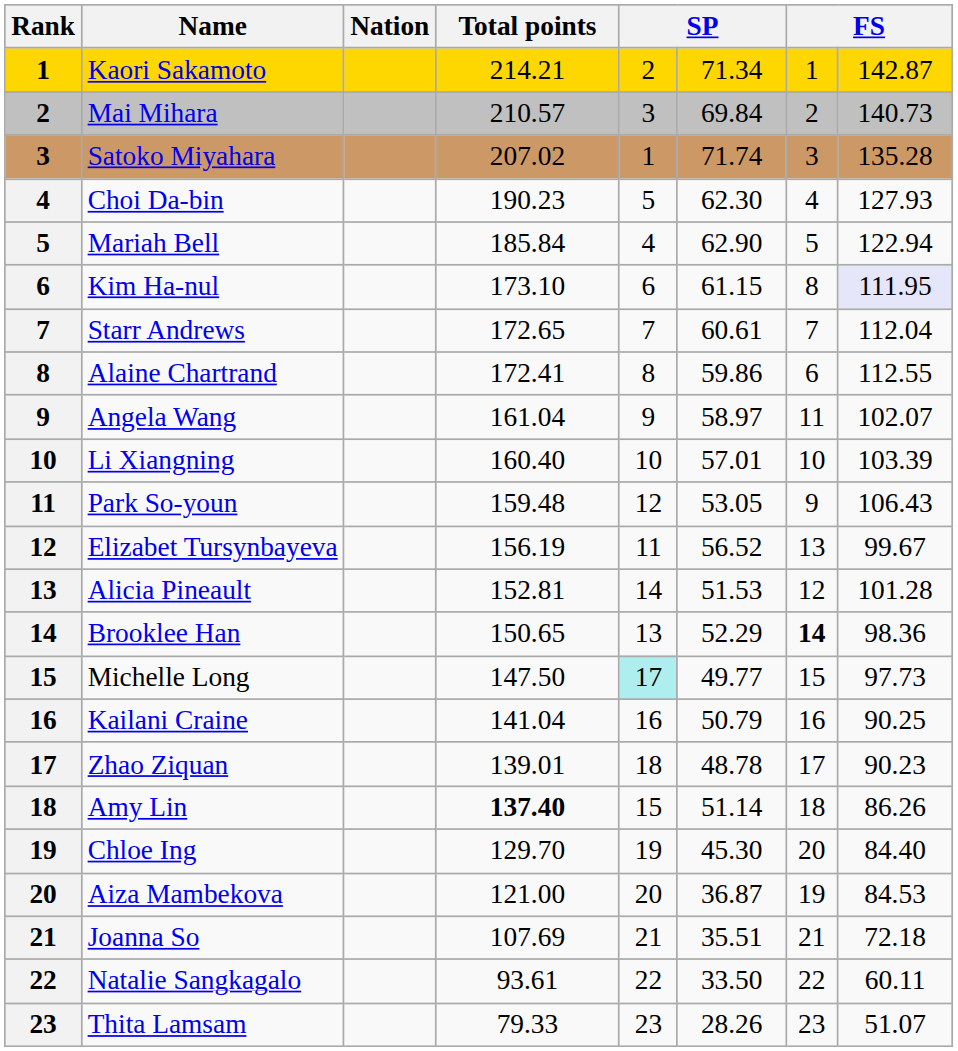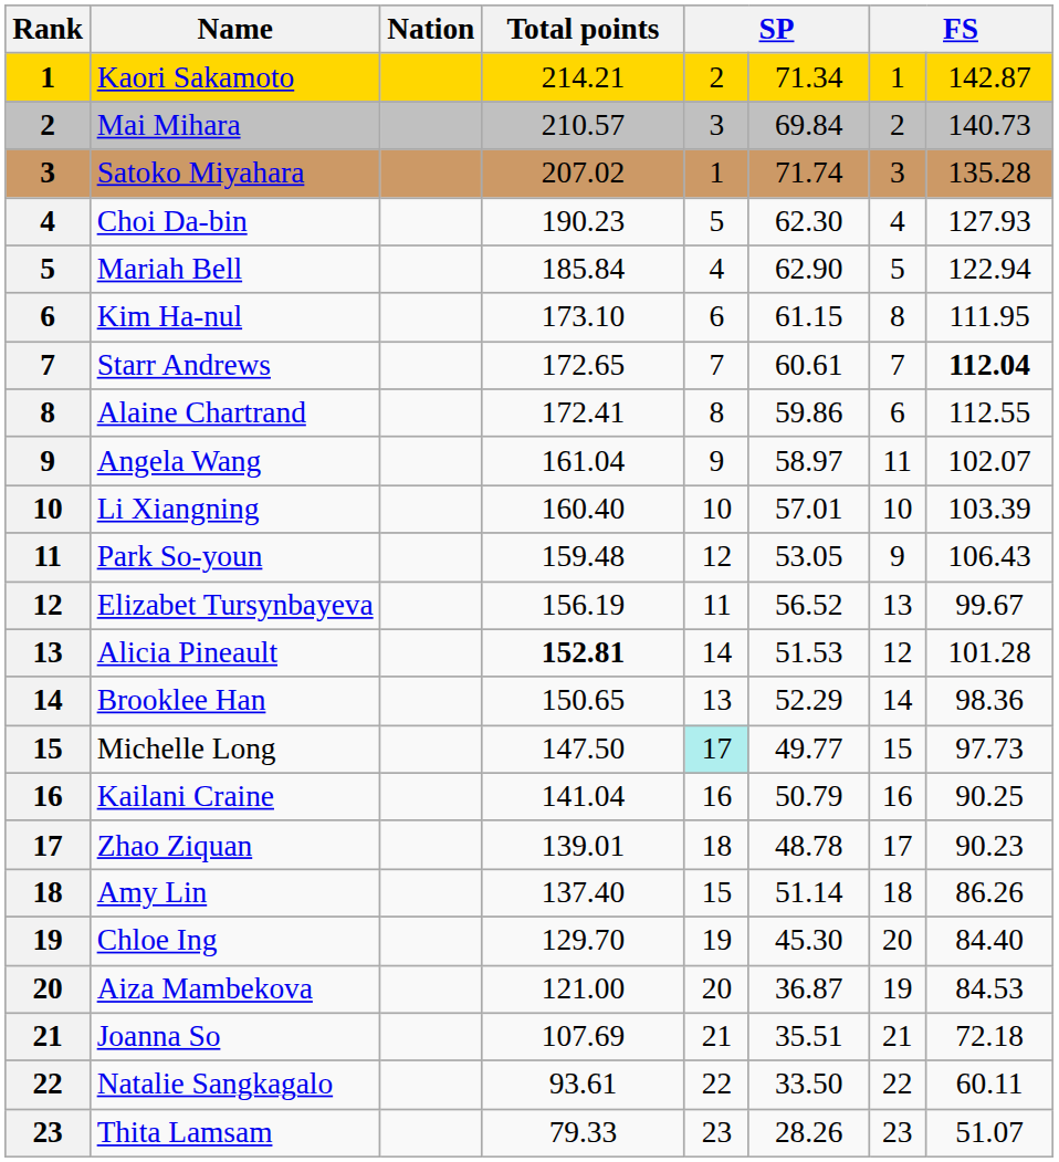 <table class="wikitable sortable">
 <tr>
 <th>Rank</th>
 <th>Name</th>
 <th>Nation</th>
 <th width="100px">Total points</th>
 <th colspan="2" width="90px"><a href='#'>SP</a></th>
 <th colspan="2" width="90px"><a href='#'>FS</a></th>
 </tr>
 <tr bgcolor="gold">
 <td align="center" bgcolor="gold"><strong>1</strong></td>
 <td><a href='#'>Kaori Sakamoto</a></td>
 <td></td>
 <td align="center">214.21</td>
 <td align="center">2</td>
 <td align="center">71.34</td>
 <td align="center">1</td>
 <td align="center">142.87</td>
 </tr>
 <tr bgcolor="silver">
 <td align="center" bgcolor="silver"><strong>2</strong></td>
 <td><a href='#'>Mai Mihara</a></td>
 <td></td>
 <td align="center">210.57</td>
 <td align="center">3</td>
 <td align="center">69.84</td>
 <td align="center">2</td>
 <td align="center">140.73</td>
 </tr>
 <tr bgcolor="#cc9966">
 <td align="center" bgcolor="#cc9966"><strong>3</strong></td>
 <td><a href='#'>Satoko Miyahara</a></td>
 <td></td>
 <td align="center">207.02</td>
 <td align="center">1</td>
 <td align="center">71.74</td>
 <td align="center">3</td>
 <td align="center">135.28</td>
 </tr>
 <tr>
 <th>4</th>
 <td><a href='#'>Choi Da-bin</a></td>
 <td></td>
 <td align="center">190.23</td>
 <td align="center">5</td>
 <td align="center">62.30</td>
 <td align="center">4</td>
 <td align="center">127.93</td>
 </tr>
 <tr>
 <th>5</th>
 <td><a href='#'>Mariah Bell</a></td>
 <td></td>
 <td align="center">185.84</td>
 <td align="center">4</td>
 <td align="center">62.90</td>
 <td align="center">5</td>
 <td align="center">122.94</td>
 </tr>
 <tr>
 <th>6</th>
 <td><a href='#'>Kim Ha-nul</a></td>
 <td></td>
 <td align="center">173.10</td>
 <td align="center">6</td>
 <td align="center">61.15</td>
 <td align="center">8</td>
-<td align="center" style="background: lavender;">111.95</td>
+<td align="center">111.95</td>
 </tr>
 <tr>
 <th>7</th>
 <td><a href='#'>Starr Andrews</a></td>
 <td></td>
 <td align="center">172.65</td>
 <td align="center">7</td>
 <td align="center">60.61</td>
 <td align="center">7</td>
-<td align="center">112.04</td>
+<td align="center"><strong>112.04</strong></td>
 </tr>
 <tr>
 <th>8</th>
 <td><a href='#'>Alaine Chartrand</a></td>
 <td></td>
 <td align="center">172.41</td>
 <td align="center">8</td>
 <td align="center">59.86</td>
 <td align="center">6</td>
 <td align="center">112.55</td>
 </tr>
 <tr>
 <th>9</th>
 <td><a href='#'>Angela Wang</a></td>
 <td></td>
 <td align="center">161.04</td>
 <td align="center">9</td>
 <td align="center">58.97</td>
 <td align="center">11</td>
 <td align="center">102.07</td>
 </tr>
 <tr>
 <th>10</th>
 <td><a href='#'>Li Xiangning</a></td>
 <td></td>
 <td align="center">160.40</td>
 <td align="center">10</td>
 <td align="center">57.01</td>
 <td align="center">10</td>
 <td align="center">103.39</td>
 </tr>
 <tr>
 <th>11</th>
 <td><a href='#'>Park So-youn</a></td>
 <td></td>
 <td align="center">159.48</td>
 <td align="center">12</td>
 <td align="center">53.05</td>
 <td align="center">9</td>
 <td align="center">106.43</td>
 </tr>
 <tr>
 <th>12</th>
 <td><a href='#'>Elizabet Tursynbayeva</a></td>
 <td></td>
 <td align="center">156.19</td>
 <td align="center">11</td>
 <td align="center">56.52</td>
 <td align="center">13</td>
 <td align="center">99.67</td>
 </tr>
 <tr>
 <th>13</th>
 <td><a href='#'>Alicia Pineault</a></td>
 <td></td>
-<td align="center">152.81</td>
+<td align="center"><strong>152.81</strong></td>
 <td align="center">14</td>
 <td align="center">51.53</td>
 <td align="center">12</td>
 <td align="center">101.28</td>
 </tr>
 <tr>
 <th>14</th>
 <td><a href='#'>Brooklee Han</a></td>
 <td></td>
 <td align="center">150.65</td>
 <td align="center">13</td>
 <td align="center">52.29</td>
-<td align="center"><strong>14</strong></td>
+<td align="center">14</td>
 <td align="center">98.36</td>
 </tr>
 <tr>
 <th>15</th>
 <td>Michelle Long</td>
 <td></td>
 <td align="center">147.50</td>
 <td align="center" style="background: paleturquoise;">17</td>
 <td align="center">49.77</td>
 <td align="center">15</td>
 <td align="center">97.73</td>
 </tr>
 <tr>
 <th>16</th>
 <td><a href='#'>Kailani Craine</a></td>
 <td></td>
 <td align="center">141.04</td>
 <td align="center">16</td>
 <td align="center">50.79</td>
 <td align="center">16</td>
 <td align="center">90.25</td>
 </tr>
 <tr>
 <th>17</th>
 <td><a href='#'>Zhao Ziquan</a></td>
 <td></td>
 <td align="center">139.01</td>
 <td align="center">18</td>
 <td align="center">48.78</td>
 <td align="center">17</td>
 <td align="center">90.23</td>
 </tr>
 <tr>
 <th>18</th>
 <td><a href='#'>Amy Lin</a></td>
 <td></td>
-<td align="center"><strong>137.40</strong></td>
+<td align="center">137.40</td>
 <td align="center">15</td>
 <td align="center">51.14</td>
 <td align="center">18</td>
 <td align="center">86.26</td>
 </tr>
 <tr>
 <th>19</th>
 <td><a href='#'>Chloe Ing</a></td>
 <td></td>
 <td align="center">129.70</td>
 <td align="center">19</td>
 <td align="center">45.30</td>
 <td align="center">20</td>
 <td align="center">84.40</td>
 </tr>
 <tr>
 <th>20</th>
 <td><a href='#'>Aiza Mambekova</a></td>
 <td></td>
 <td align="center">121.00</td>
 <td align="center">20</td>
 <td align="center">36.87</td>
 <td align="center">19</td>
 <td align="center">84.53</td>
 </tr>
 <tr>
 <th>21</th>
 <td><a href='#'>Joanna So</a></td>
 <td></td>
 <td align="center">107.69</td>
 <td align="center">21</td>
 <td align="center">35.51</td>
 <td align="center">21</td>
 <td align="center">72.18</td>
 </tr>
 <tr>
 <th>22</th>
 <td><a href='#'>Natalie Sangkagalo</a></td>
 <td></td>
 <td align="center">93.61</td>
 <td align="center">22</td>
 <td align="center">33.50</td>
 <td align="center">22</td>
 <td align="center">60.11</td>
 </tr>
 <tr>
 <th>23</th>
 <td><a href='#'>Thita Lamsam</a></td>
 <td></td>
 <td align="center">79.33</td>
 <td align="center">23</td>
 <td align="center">28.26</td>
 <td align="center">23</td>
 <td align="center">51.07</td>
 </tr>
 </table>
